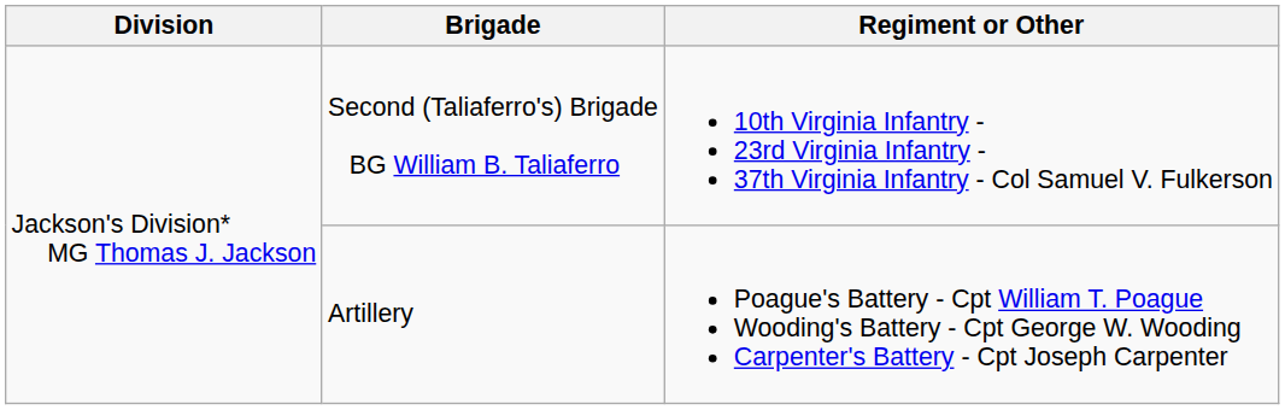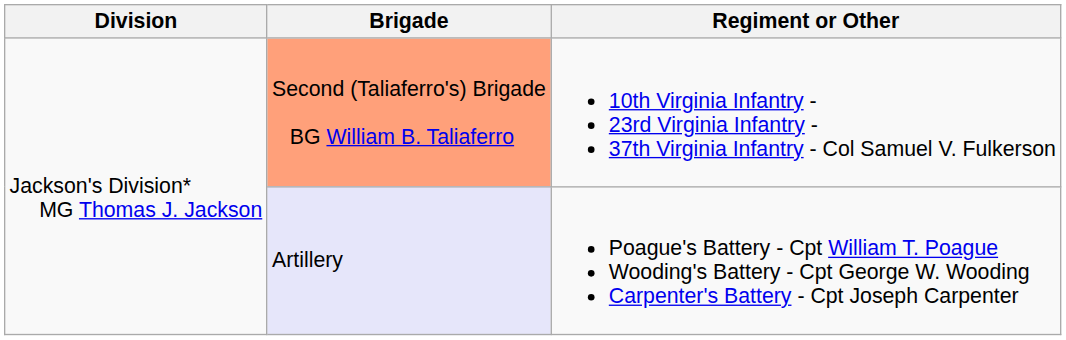 <table class="wikitable">
 <tr>
 <th>Division</th>
 <th>Brigade</th>
 <th>Regiment or Other</th>
 </tr>
 <tr>
 <td rowspan=2><br>Jackson's Division* <br>     MG <a href='#'>Thomas J. Jackson</a></td>
-<td>Second (Taliaferro's) Brigade<br><br>   BG <a href='#'>William B. Taliaferro</a></td>
+<td style="background: lightsalmon;">Second (Taliaferro's) Brigade<br><br>   BG <a href='#'>William B. Taliaferro</a></td>
 <td><br><ul><li><a href='#'>10th Virginia Infantry</a> -</li><li><a href='#'>23rd Virginia Infantry</a> -</li><li><a href='#'>37th Virginia Infantry</a> - Col Samuel V. Fulkerson</li></ul></td>
 </tr>
 <tr>
-<td>Artillery</td>
+<td style="background: lavender;">Artillery</td>
 <td><br><ul><li>Poague's Battery - Cpt <a href='#'>William T. Poague</a></li><li>Wooding's Battery - Cpt George W. Wooding</li><li><a href='#'>Carpenter's Battery</a> - Cpt Joseph Carpenter</li></ul></td>
 </tr>
 </table>
